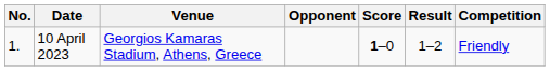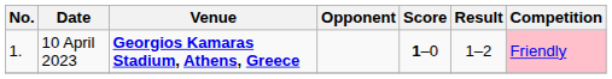 <table class="wikitable">
 <tr>
 <th>No.</th>
 <th>Date</th>
 <th>Venue</th>
 <th>Opponent</th>
 <th>Score</th>
 <th>Result</th>
 <th>Competition</th>
 </tr>
 <tr>
 <td>1.</td>
 <td>10 April 2023</td>
-<td><a href='#'>Georgios Kamaras Stadium</a>, <a href='#'>Athens</a>, <a href='#'>Greece</a></td>
+<td><strong><a href='#'>Georgios Kamaras Stadium</a>, <a href='#'>Athens</a>, <a href='#'>Greece</a></strong></td>
 <td></td>
 <td align=center><strong>1</strong>–0</td>
 <td align=center>1–2</td>
-<td><a href='#'>Friendly</a></td>
+<td style="background: pink;"><a href='#'>Friendly</a></td>
 </tr>
 <tr>
 </tr>
 </table>
